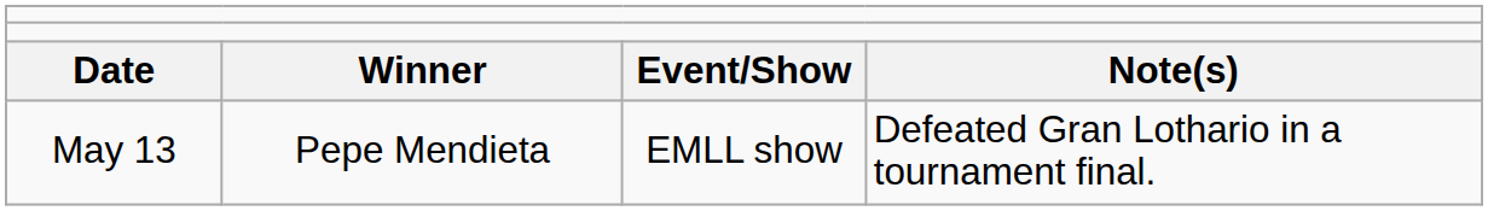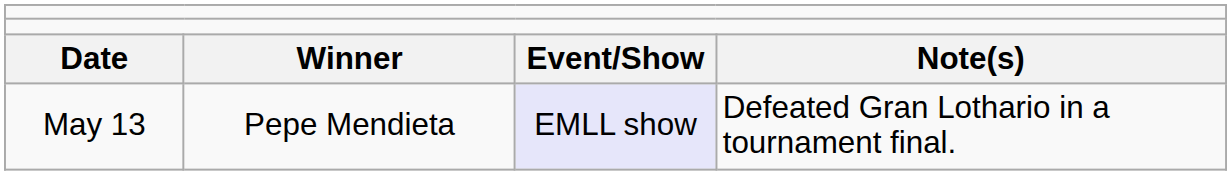 <table class="wikitable" style="text-align:center; width:100%;">
 <tr>
 <td colspan=5></td>
 </tr>
 <tr>
 <td colspan=5><strong></strong></td>
 </tr>
 <tr>
 <th width=14%>Date</th>
 <th width=26%>Winner</th>
 <th width=14%>Event/Show</th>
 <th width=40%>Note(s)</th>
 </tr>
 <tr>
 <td>May 13</td>
 <td>Pepe Mendieta</td>
-<td>EMLL show</td>
+<td style="background: lavender;">EMLL show</td>
 <td align=left>Defeated Gran Lothario in a tournament final.</td>
 </tr>
 </table>
